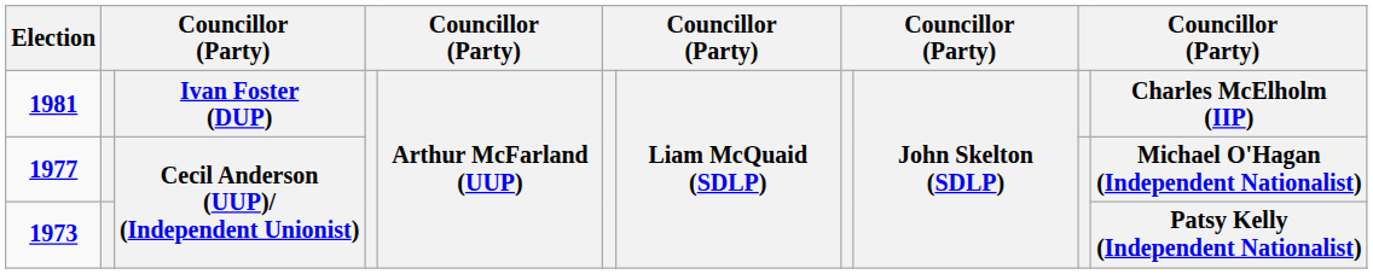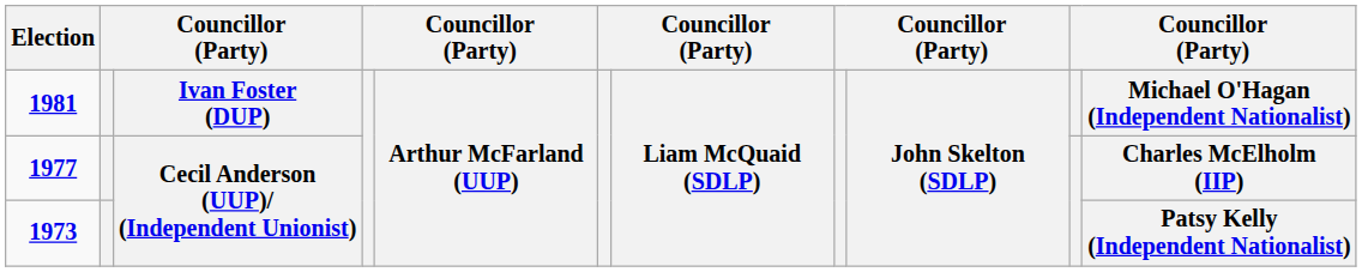 <table class="wikitable" style="text-align:center">
 <tr>
 <th scope="col" width="50">Election</th>
 <th scope="col" width="150" colspan = "2">Councillor<br> (Party)</th>
 <th scope="col" width="150" colspan = "2">Councillor<br> (Party)</th>
 <th scope="col" width="150" colspan = "2">Councillor<br> (Party)</th>
 <th scope="col" width="150" colspan = "2">Councillor<br> (Party)</th>
 <th scope="col" width="150" colspan = "2">Councillor<br> (Party)</th>
 </tr>
 <tr>
 <td><strong><a href='#'>1981</a></strong></td>
 <th rowspan="1" width="1" style="background-color: "></th>
 <th rowspan = "1"><a href='#'>Ivan Foster</a> <br> (<a href='#'>DUP</a>)</th>
 <th rowspan="3" width="1" style="background-color: "></th>
 <th rowspan = "3">Arthur McFarland <br> (<a href='#'>UUP</a>)</th>
 <th rowspan="3" width="1" style="background-color: "></th>
 <th rowspan = "3">Liam McQuaid <br> (<a href='#'>SDLP</a>)</th>
 <th rowspan="3" width="1" style="background-color: "></th>
 <th rowspan = "3">John Skelton <br> (<a href='#'>SDLP</a>)</th>
 <th rowspan="1" width="1" style="background-color: "></th>
-<th rowspan = "1">Charles McElholm <br> (<a href='#'>IIP</a>)</th>
+<th rowspan = "1">Michael O'Hagan <br> (<a href='#'>Independent Nationalist</a>)</th>
 </tr>
 <tr>
 <td><strong><a href='#'>1977</a></strong></td>
 <th rowspan="1" width="1" style="background-color: "></th>
 <th rowspan = "2">Cecil Anderson <br> (<a href='#'>UUP</a>)/ <br> (<a href='#'>Independent Unionist</a>)</th>
 <th rowspan="2" width="1" style="background-color: "></th>
-<th rowspan = "1">Michael O'Hagan <br> (<a href='#'>Independent Nationalist</a>)</th>
+<th rowspan = "1">Charles McElholm <br> (<a href='#'>IIP</a>)</th>
 </tr>
 <tr>
 <td><strong><a href='#'>1973</a></strong></td>
 <th rowspan="1" width="1" style="background-color: "></th>
 <th rowspan = "1">Patsy Kelly <br> (<a href='#'>Independent Nationalist</a>)</th>
 </tr>
 </table>
